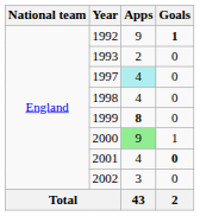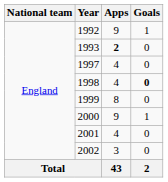 <table class="wikitable" style="text-align:center">
 <tr>
 <th>National team</th>
 <th>Year</th>
 <th>Apps</th>
 <th>Goals</th>
 </tr>
 <tr>
 <td rowspan="8"><a href='#'>England</a></td>
 <td>1992</td>
 <td>9</td>
-<td><strong>1</strong></td>
+<td>1</td>
 </tr>
 <tr>
 <td>1993</td>
-<td>2</td>
+<td><strong>2</strong></td>
 <td>0</td>
 </tr>
 <tr>
 <td>1997</td>
-<td style="background: paleturquoise;">4</td>
+<td>4</td>
 <td>0</td>
 </tr>
 <tr>
 <td>1998</td>
 <td>4</td>
-<td>0</td>
+<td><strong>0</strong></td>
 </tr>
 <tr>
 <td>1999</td>
-<td><strong>8</strong></td>
+<td>8</td>
 <td>0</td>
 </tr>
 <tr>
 <td>2000</td>
-<td style="background: lightgreen;">9</td>
+<td>9</td>
 <td>1</td>
 </tr>
 <tr>
 <td>2001</td>
 <td>4</td>
-<td><strong>0</strong></td>
+<td>0</td>
 </tr>
 <tr>
 <td>2002</td>
 <td>3</td>
 <td>0</td>
 </tr>
 <tr>
 <th colspan="2">Total</th>
 <th>43</th>
 <th>2</th>
 </tr>
 </table>
